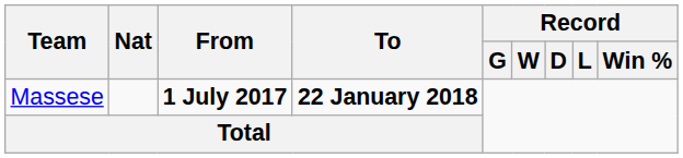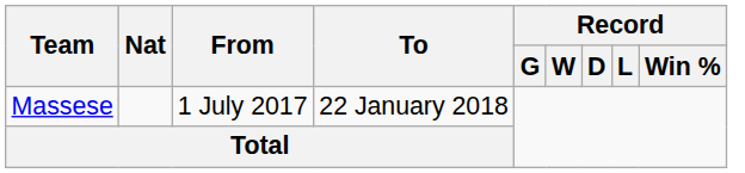 <table class="wikitable" style="text-align: center">
 <tr>
 <th rowspan="2">Team</th>
 <th rowspan="2">Nat</th>
 <th rowspan="2">From</th>
 <th rowspan="2">To</th>
 <th colspan="5">Record</th>
 </tr>
 <tr>
 <th>G</th>
 <th>W</th>
 <th>D</th>
 <th>L</th>
 <th>Win %</th>
 </tr>
 <tr>
 <td align=left><a href='#'>Massese</a></td>
 <td></td>
-<td align=left><strong>1 July 2017</strong></td>
-<td align=left><strong>22 January 2018<br></strong></td>
+<td align=left>1 July 2017</td>
+<td align=left>22 January 2018<br></td>
 </tr>
 <tr>
 <th colspan="4">Total<br></th>
 </tr>
 </table>
